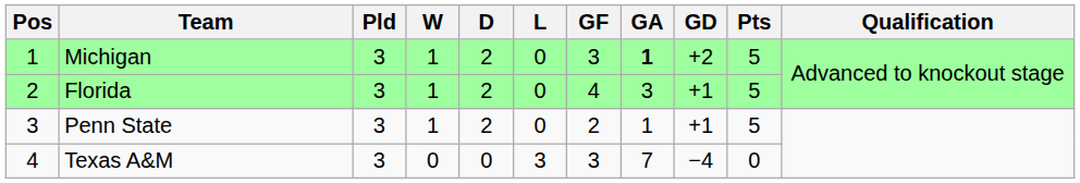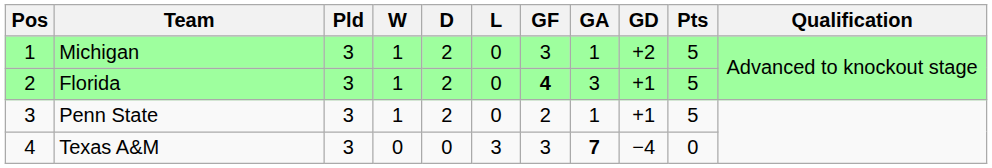 <table class="wikitable" style="text-align:center; margin: 1em auto">
 <tr>
 <th style="width:2em">Pos</th>
 <th style="width:13em">Team</th>
 <th style="width:2em">Pld</th>
 <th style="width:2em">W</th>
 <th style="width:2em">D</th>
 <th style="width:2em">L</th>
 <th style="width:2em">GF</th>
 <th style="width:2em">GA</th>
 <th style="width:2em">GD</th>
 <th style="width:2em">Pts</th>
 <th style="width:13em">Qualification</th>
 </tr>
 <tr bgcolor="#9eff9e">
 <td>1</td>
 <td style="text-align:left">Michigan</td>
 <td>3</td>
 <td>1</td>
 <td>2</td>
 <td>0</td>
 <td>3</td>
-<td><strong>1</strong></td>
+<td>1</td>
 <td>+2</td>
 <td>5</td>
 <td rowspan="2">Advanced to knockout stage</td>
 </tr>
 <tr bgcolor="#9eff9e">
 <td>2</td>
 <td style="text-align:left">Florida</td>
 <td>3</td>
 <td>1</td>
 <td>2</td>
 <td>0</td>
-<td>4</td>
+<td><strong>4</strong></td>
 <td>3</td>
 <td>+1</td>
 <td>5</td>
 </tr>
 <tr>
 <td>3</td>
 <td style="text-align:left">Penn State</td>
 <td>3</td>
 <td>1</td>
 <td>2</td>
 <td>0</td>
 <td>2</td>
 <td>1</td>
 <td>+1</td>
 <td>5</td>
 <td rowspan="2"></td>
 </tr>
 <tr>
 <td>4</td>
 <td style="text-align:left">Texas A&M</td>
 <td>3</td>
 <td>0</td>
 <td>0</td>
 <td>3</td>
 <td>3</td>
-<td>7</td>
+<td><strong>7</strong></td>
 <td>−4</td>
 <td>0</td>
 </tr>
 </table>
